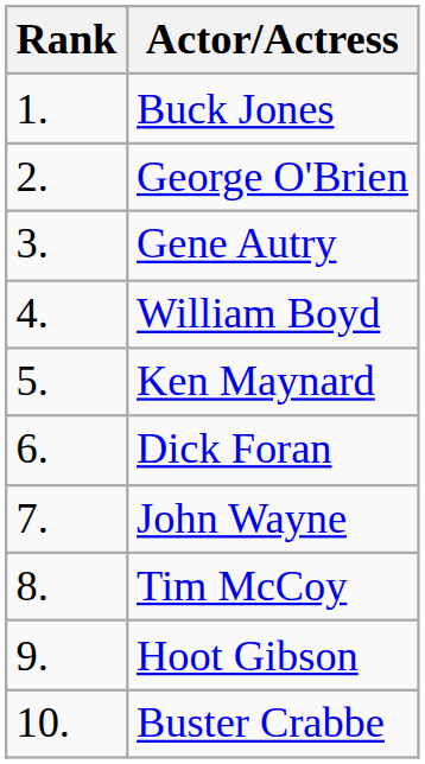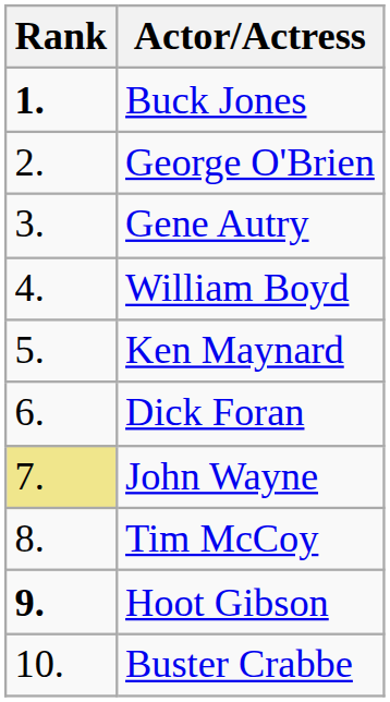 <table class="wikitable">
 <tr>
 <th>Rank</th>
 <th>Actor/Actress</th>
 </tr>
 <tr>
-<td>1.</td>
+<td><strong>1.</strong></td>
 <td><a href='#'>Buck Jones</a></td>
 </tr>
 <tr>
 <td>2.</td>
 <td><a href='#'>George O'Brien</a></td>
 </tr>
 <tr>
 <td>3.</td>
 <td><a href='#'>Gene Autry</a></td>
 </tr>
 <tr>
 <td>4.</td>
 <td><a href='#'>William Boyd</a></td>
 </tr>
 <tr>
 <td>5.</td>
 <td><a href='#'>Ken Maynard</a></td>
 </tr>
 <tr>
 <td>6.</td>
 <td><a href='#'>Dick Foran</a></td>
 </tr>
 <tr>
-<td>7.</td>
+<td style="background: khaki;">7.</td>
 <td><a href='#'>John Wayne</a></td>
 </tr>
 <tr>
 <td>8.</td>
 <td><a href='#'>Tim McCoy</a></td>
 </tr>
 <tr>
-<td>9.</td>
+<td><strong>9.</strong></td>
 <td><a href='#'>Hoot Gibson</a></td>
 </tr>
 <tr>
 <td>10.</td>
 <td><a href='#'>Buster Crabbe</a></td>
 </tr>
 </table>
